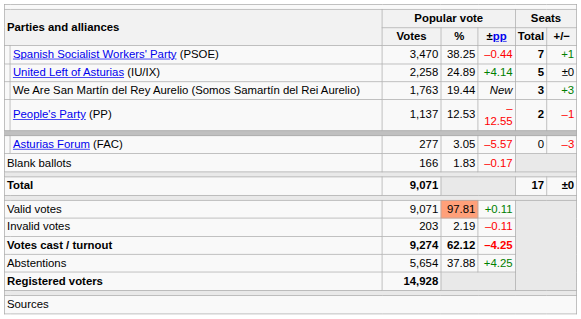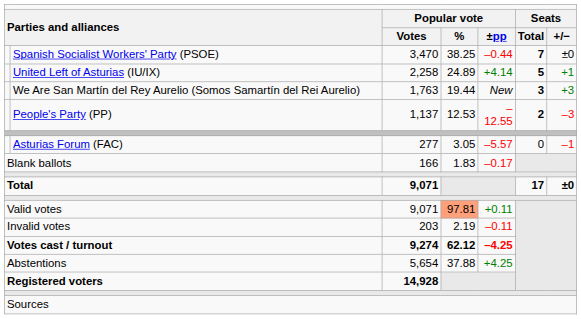 <table class="wikitable" style="text-align:right;">
 <tr>
 <td colspan="7"></td>
 </tr>
 <tr>
 <th style="text-align:left;" rowspan="2" colspan="2" width="525">Parties and alliances</th>
 <th colspan="3">Popular vote</th>
 <th colspan="2">Seats</th>
 </tr>
 <tr>
 <th width="75">Votes</th>
 <th width="45">%</th>
 <th width="45">±<a href='#'>pp</a></th>
 <th width="35">Total</th>
 <th width="35">+/−</th>
 </tr>
 <tr>
 <td width="1" style="color:inherit;background:"></td>
 <td align="left"><a href='#'>Spanish Socialist Workers' Party</a> (PSOE)</td>
 <td>3,470</td>
 <td>38.25</td>
 <td style="color:red;">–0.44</td>
 <td><strong>7</strong></td>
-<td style="color:green;">+1</td>
+<td>±0</td>
 </tr>
 <tr>
 <td style="color:inherit;background:"></td>
 <td align="left"><a href='#'>United Left of Asturias</a> (IU/IX)</td>
 <td>2,258</td>
 <td>24.89</td>
 <td style="color:green;">+4.14</td>
 <td><strong>5</strong></td>
-<td>±0</td>
+<td style="color:green;">+1</td>
 </tr>
 <tr>
 <td style="color:inherit;background:"></td>
 <td align="left">We Are San Martín del Rey Aurelio (Somos Samartín del Rei Aurelio)</td>
 <td>1,763</td>
 <td>19.44</td>
 <td><em>New</em></td>
 <td><strong>3</strong></td>
 <td style="color:green;">+3</td>
 </tr>
 <tr>
 <td style="color:inherit;background:"></td>
 <td align="left"><a href='#'>People's Party</a> (PP)</td>
 <td>1,137</td>
 <td>12.53</td>
 <td style="color:red;">–12.55</td>
 <td><strong>2</strong></td>
-<td style="color:red;">–1</td>
+<td style="color:red;">–3</td>
 </tr>
 <tr>
 <td colspan="7" bgcolor="#C0C0C0"></td>
 </tr>
 <tr>
 <td style="color:inherit;background:"></td>
 <td align="left"><a href='#'>Asturias Forum</a> (FAC)</td>
 <td>277</td>
 <td>3.05</td>
 <td style="color:red;">–5.57</td>
 <td>0</td>
-<td style="color:red;">–3</td>
+<td style="color:red;">–1</td>
 </tr>
 <tr>
 <td align="left" colspan="2">Blank ballots</td>
 <td>166</td>
 <td>1.83</td>
 <td style="color:red;">–0.17</td>
 <td bgcolor="#E9E9E9" colspan="2"></td>
 </tr>
 <tr>
 <td colspan="7" bgcolor="#E9E9E9"></td>
 </tr>
 <tr style="font-weight:bold;">
 <td align="left" colspan="2">Total</td>
 <td>9,071</td>
 <td bgcolor="#E9E9E9" colspan="2"></td>
 <td>17</td>
 <td>±0</td>
 </tr>
 <tr>
 <td colspan="7" bgcolor="#E9E9E9"></td>
 </tr>
 <tr>
 <td align="left" colspan="2">Valid votes</td>
 <td>9,071</td>
 <td style="background: lightsalmon;">97.81</td>
 <td style="color:green;">+0.11</td>
 <td bgcolor="#E9E9E9" colspan="2" rowspan="5"></td>
 </tr>
 <tr>
 <td align="left" colspan="2">Invalid votes</td>
 <td>203</td>
 <td>2.19</td>
 <td style="color:red;">–0.11</td>
 </tr>
 <tr style="font-weight:bold;">
 <td align="left" colspan="2">Votes cast / turnout</td>
 <td>9,274</td>
 <td>62.12</td>
 <td style="color:red;">–4.25</td>
 </tr>
 <tr>
 <td align="left" colspan="2">Abstentions</td>
 <td>5,654</td>
 <td>37.88</td>
 <td style="color:green;">+4.25</td>
 </tr>
 <tr style="font-weight:bold;">
 <td align="left" colspan="2">Registered voters</td>
 <td>14,928</td>
 <td bgcolor="#E9E9E9" colspan="2"></td>
 </tr>
 <tr>
 <td colspan="7" bgcolor="#E9E9E9"></td>
 </tr>
 <tr>
 <td align="left" colspan="7">Sources</td>
 </tr>
 </table>
